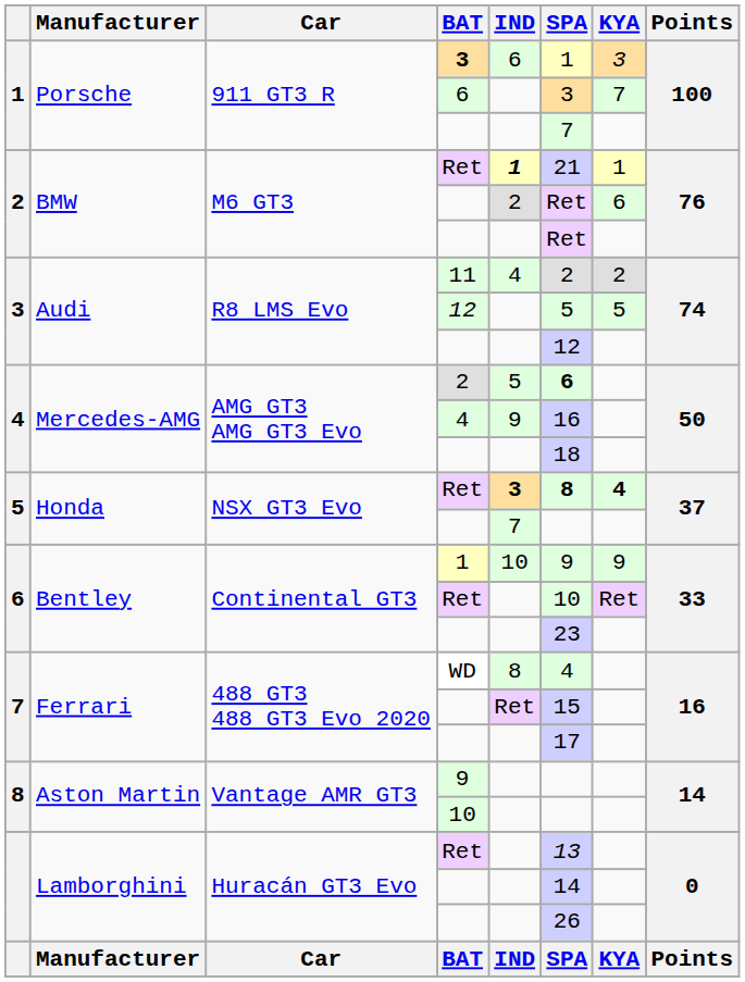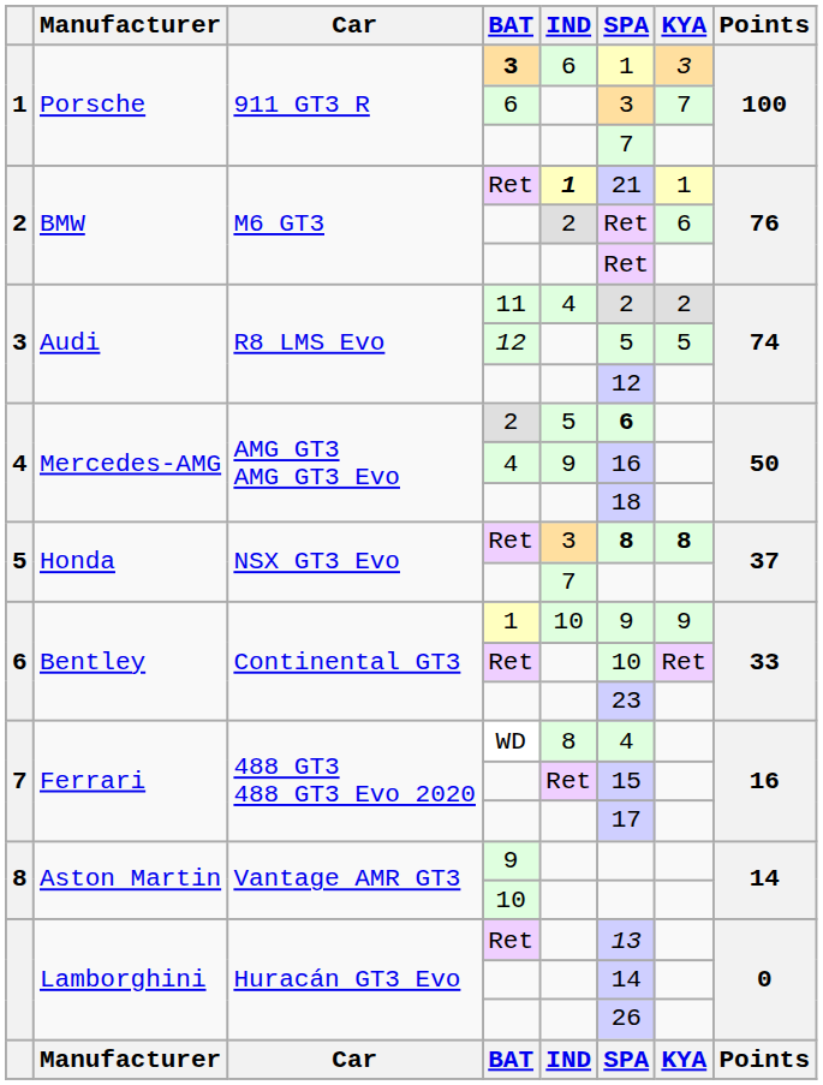 <table class="wikitable" style="font-size:85%; text-align:center;">
 <tr>
 <th></th>
 <th>Manufacturer</th>
 <th>Car</th>
 <th><a href='#'>BAT</a><br></th>
 <th><a href='#'>IND</a><br></th>
 <th><a href='#'>SPA</a><br></th>
 <th><a href='#'>KYA</a><br></th>
 <th>Points</th>
 </tr>
 <tr>
 <th rowspan=3>1</th>
 <td rowspan=3 align=left> <a href='#'>Porsche</a></td>
 <td rowspan=3 align=left><a href='#'>911 GT3 R</a></td>
 <td style="background:#ffdf9f;"><strong>3</strong></td>
 <td style="background:#dfffdf;">6</td>
 <td style="background:#ffffbf;">1</td>
 <td style="background:#ffdf9f;"><em>3</em></td>
 <th rowspan=3>100</th>
 </tr>
 <tr>
 <td style="background:#dfffdf;">6</td>
 <td></td>
 <td style="background:#ffdf9f;">3</td>
 <td style="background:#dfffdf;">7</td>
 </tr>
 <tr>
 <td></td>
 <td></td>
 <td style="background:#dfffdf;">7</td>
 <td></td>
 </tr>
 <tr>
 <th rowspan=3>2</th>
 <td rowspan=3 align=left> <a href='#'>BMW</a></td>
 <td rowspan=3 align=left><a href='#'>M6 GT3</a></td>
 <td style="background:#efcfff;">Ret</td>
 <td style="background:#ffffbf;"><strong><em>1</em></strong></td>
 <td style="background:#cfcfff;">21</td>
 <td style="background:#ffffbf;">1</td>
 <th rowspan=3>76</th>
 </tr>
 <tr>
 <td></td>
 <td style="background:#dfdfdf;">2</td>
 <td style="background:#efcfff;">Ret</td>
 <td style="background:#dfffdf;">6</td>
 </tr>
 <tr>
 <td></td>
 <td></td>
 <td style="background:#efcfff;">Ret</td>
 <td></td>
 </tr>
 <tr>
 <th rowspan=3>3</th>
 <td rowspan=3 align=left> <a href='#'>Audi</a></td>
 <td rowspan=3 align=left><a href='#'>R8 LMS Evo</a></td>
 <td style="background:#dfffdf;">11</td>
 <td style="background:#dfffdf;">4</td>
 <td style="background:#dfdfdf;">2</td>
 <td style="background:#dfdfdf;">2</td>
 <th rowspan=3>74</th>
 </tr>
 <tr>
 <td style="background:#dfffdf;"><em>12</em></td>
 <td></td>
 <td style="background:#dfffdf;">5</td>
 <td style="background:#dfffdf;">5</td>
 </tr>
 <tr>
 <td></td>
 <td></td>
 <td style="background:#cfcfff;">12</td>
 <td></td>
 </tr>
 <tr>
 <th rowspan=3>4</th>
 <td rowspan=3 align=left> <a href='#'>Mercedes-AMG</a></td>
 <td rowspan=3 align=left><a href='#'>AMG GT3</a><br><a href='#'>AMG GT3 Evo</a></td>
 <td style="background:#dfdfdf;">2</td>
 <td style="background:#dfffdf;">5</td>
 <td style="background:#dfffdf;"><strong>6</strong></td>
 <td></td>
 <th rowspan=3>50</th>
 </tr>
 <tr>
 <td style="background:#dfffdf;">4</td>
 <td style="background:#dfffdf;">9</td>
 <td style="background:#cfcfff;">16</td>
 <td></td>
 </tr>
 <tr>
 <td></td>
 <td></td>
 <td style="background:#cfcfff;">18</td>
 <td></td>
 </tr>
 <tr>
 <th rowspan=2>5</th>
 <td rowspan=2 align=left> <a href='#'>Honda</a></td>
 <td rowspan=2 align=left><a href='#'>NSX GT3 Evo</a></td>
 <td style="background:#efcfff;">Ret</td>
-<td style="background:#ffdf9f;"><strong>3</strong></td>
+<td style="background:#ffdf9f;">3</td>
 <td style="background:#dfffdf;"><strong>8</strong></td>
-<td style="background:#dfffdf;"><strong>4</strong></td>
+<td style="background:#dfffdf;"><strong>8</strong></td>
 <th rowspan=2>37</th>
 </tr>
 <tr>
 <td></td>
 <td style="background:#dfffdf;">7</td>
 <td></td>
 <td></td>
 </tr>
 <tr>
 <th rowspan=3>6</th>
 <td rowspan=3 align=left> <a href='#'>Bentley</a></td>
 <td rowspan=3 align=left><a href='#'>Continental GT3</a></td>
 <td style="background:#ffffbf;">1</td>
 <td style="background:#dfffdf;">10</td>
 <td style="background:#dfffdf;">9</td>
 <td style="background:#dfffdf;">9</td>
 <th rowspan=3>33</th>
 </tr>
 <tr>
 <td style="background:#efcfff;">Ret</td>
 <td></td>
 <td style="background:#dfffdf;">10</td>
 <td style="background:#efcfff;">Ret</td>
 </tr>
 <tr>
 <td></td>
 <td></td>
 <td style="background:#cfcfff;">23</td>
 <td></td>
 </tr>
 <tr>
 <th rowspan=3>7</th>
 <td rowspan=3 align=left> <a href='#'>Ferrari</a></td>
 <td rowspan=3 align=left><a href='#'>488 GT3</a><br><a href='#'>488 GT3 Evo 2020</a></td>
 <td style="background:#ffffff;">WD</td>
 <td style="background:#dfffdf;">8</td>
 <td style="background:#dfffdf;">4</td>
 <td></td>
 <th rowspan=3>16</th>
 </tr>
 <tr>
 <td></td>
 <td style="background:#efcfff;">Ret</td>
 <td style="background:#cfcfff;">15</td>
 <td></td>
 </tr>
 <tr>
 <td></td>
 <td></td>
 <td style="background:#cfcfff;">17</td>
 <td></td>
 </tr>
 <tr>
 <th rowspan=2>8</th>
 <td rowspan=2 align=left> <a href='#'>Aston Martin</a></td>
 <td rowspan=2 align=left><a href='#'>Vantage AMR GT3</a></td>
 <td style="background:#dfffdf;">9</td>
 <td></td>
 <td></td>
 <td></td>
 <th rowspan=2>14</th>
 </tr>
 <tr>
 <td style="background:#dfffdf;">10</td>
 <td></td>
 <td></td>
 <td></td>
 </tr>
 <tr>
 <th rowspan=3></th>
 <td rowspan=3 align=left> <a href='#'>Lamborghini</a></td>
 <td rowspan=3 align=left><a href='#'>Huracán GT3 Evo</a></td>
 <td style="background:#efcfff;">Ret</td>
 <td></td>
 <td style="background:#cfcfff;"><em>13</em></td>
 <td></td>
 <th rowspan=3>0</th>
 </tr>
 <tr>
 <td></td>
 <td></td>
 <td style="background:#cfcfff;">14</td>
 <td></td>
 </tr>
 <tr>
 <td></td>
 <td></td>
 <td style="background:#cfcfff;">26</td>
 <td></td>
 </tr>
 <tr>
 <th></th>
 <th>Manufacturer</th>
 <th>Car</th>
 <th><a href='#'>BAT</a><br></th>
 <th><a href='#'>IND</a><br></th>
 <th><a href='#'>SPA</a><br></th>
 <th><a href='#'>KYA</a><br></th>
 <th>Points</th>
 </tr>
 </table>
